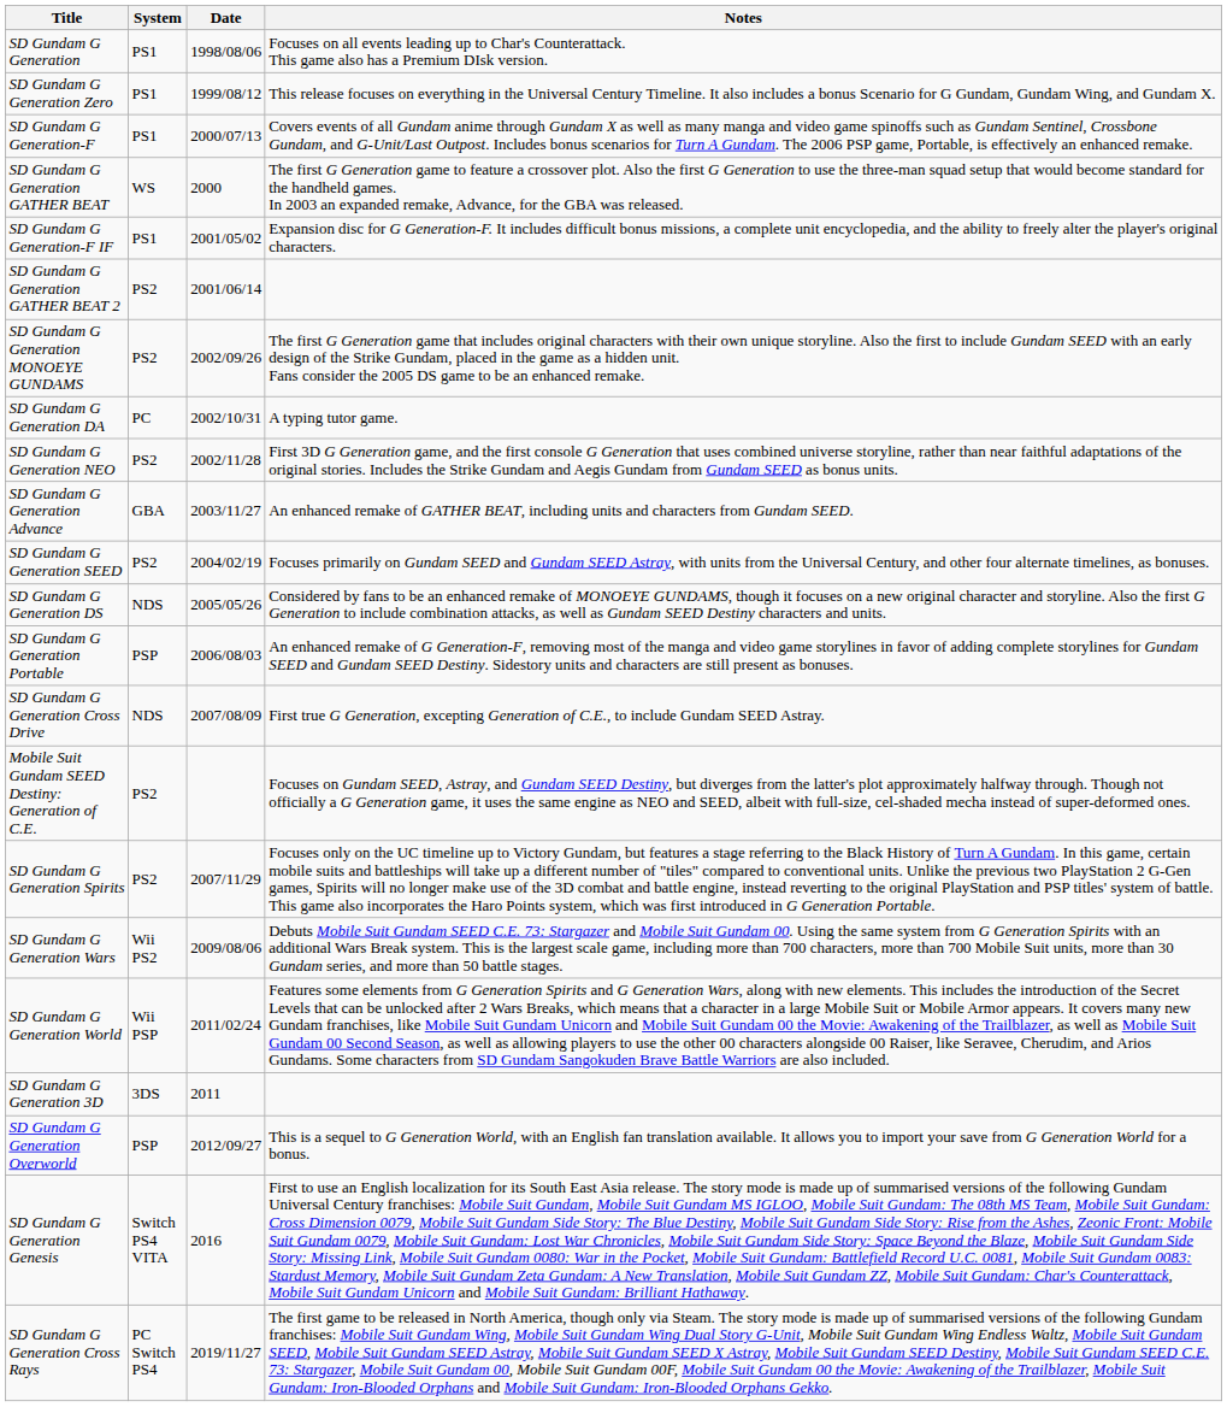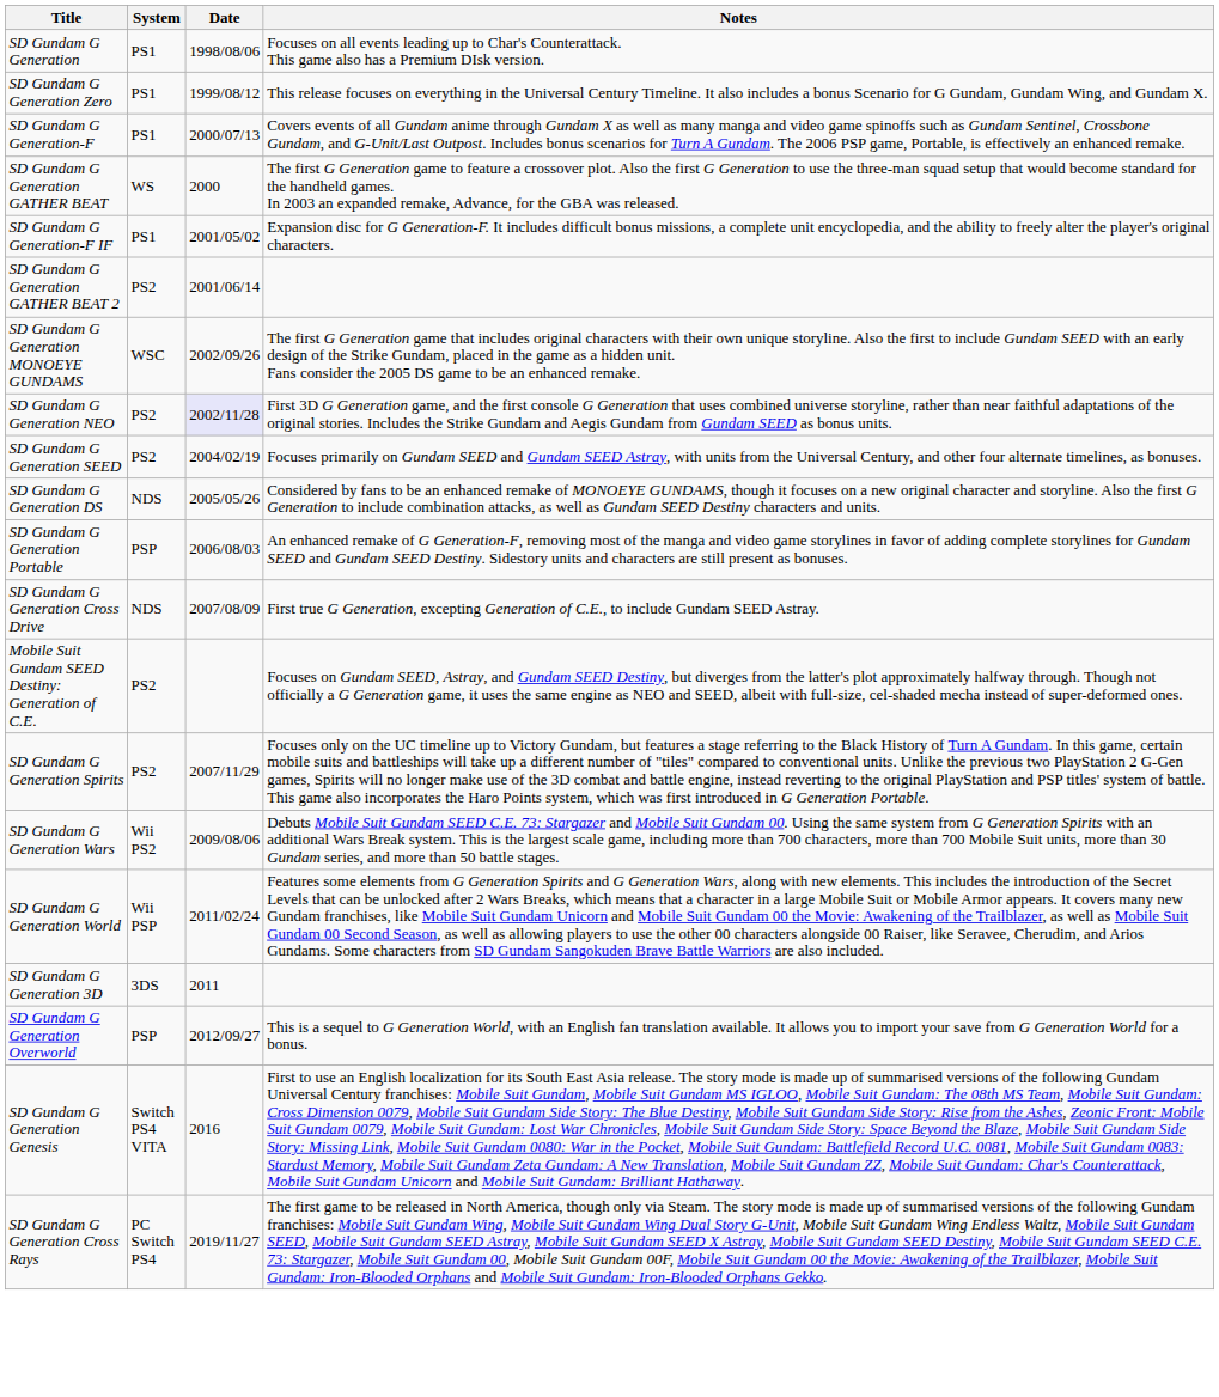 <table class="wikitable">
 <tr>
 <th>Title</th>
 <th>System</th>
 <th>Date</th>
 <th>Notes</th>
 </tr>
 <tr>
 <td><em>SD Gundam G Generation</em></td>
 <td>PS1</td>
 <td>1998/08/06</td>
 <td>Focuses on all events leading up to Char's Counterattack.<br>This game also has a Premium DIsk version.</td>
 </tr>
 <tr>
 <td><em>SD Gundam G Generation Zero</em></td>
 <td>PS1</td>
 <td>1999/08/12</td>
 <td>This release focuses on everything in the Universal Century Timeline.  It also includes a bonus Scenario for G Gundam, Gundam Wing, and Gundam X.</td>
 </tr>
 <tr>
 <td><em>SD Gundam G Generation-F</em></td>
 <td>PS1</td>
 <td>2000/07/13</td>
 <td>Covers events of all <em>Gundam</em> anime through <em>Gundam X</em> as well as many manga and video game spinoffs such as <em>Gundam Sentinel</em>, <em>Crossbone Gundam</em>, and <em>G-Unit/Last Outpost</em>. Includes bonus scenarios for <em><a href='#'>Turn A Gundam</a></em>.  The 2006 PSP game, Portable, is effectively an enhanced remake.</td>
 </tr>
 <tr>
 <td><em>SD Gundam G Generation GATHER BEAT</em></td>
 <td>WS</td>
 <td>2000</td>
 <td>The first <em>G Generation</em> game to feature a crossover plot. Also the first <em>G Generation</em> to use the three-man squad setup that would become standard for the handheld games.<br>In 2003 an expanded remake, Advance, for the GBA was released.</td>
 </tr>
 <tr>
 <td><em>SD Gundam G Generation-F IF</em></td>
 <td>PS1</td>
 <td>2001/05/02</td>
 <td>Expansion disc for <em>G Generation-F.</em>  It includes difficult bonus missions, a complete unit encyclopedia, and the ability to freely alter the player's original characters.</td>
 </tr>
 <tr>
 <td><em>SD Gundam G Generation GATHER BEAT 2</em></td>
 <td>PS2</td>
 <td>2001/06/14</td>
 <td></td>
 </tr>
 <tr>
 <td><em>SD Gundam G Generation MONOEYE GUNDAMS</em></td>
-<td>PS2</td>
+<td>WSC</td>
 <td>2002/09/26</td>
 <td>The first <em>G Generation</em> game that includes original characters with their own unique storyline. Also the first to include <em>Gundam SEED</em> with an early  design of the Strike Gundam, placed in the game as a hidden unit.<br>Fans consider the 2005 DS game to be an enhanced remake.</td>
 </tr>
 <tr>
-<td><em>SD Gundam G Generation DA</em></td>
-<td>PC</td>
-<td>2002/10/31</td>
-<td>A typing tutor game.</td>
-</tr>
-<tr>
 <td><em>SD Gundam G Generation NEO</em></td>
 <td>PS2</td>
-<td>2002/11/28</td>
+<td style="background: lavender;">2002/11/28</td>
 <td>First 3D <em>G Generation</em> game, and the first console <em>G Generation</em> that uses combined universe storyline, rather than near faithful adaptations of the original stories. Includes the Strike Gundam and Aegis Gundam from <em><a href='#'>Gundam SEED</a></em> as bonus units.</td>
-</tr>
-<tr>
-<td><em>SD Gundam G Generation Advance</em></td>
-<td>GBA</td>
-<td>2003/11/27</td>
-<td>An enhanced remake of <em>GATHER BEAT</em>, including units and characters from <em>Gundam SEED</em>.</td>
 </tr>
 <tr>
 <td><em>SD Gundam G Generation SEED</em></td>
 <td>PS2</td>
 <td>2004/02/19</td>
 <td>Focuses primarily on <em>Gundam SEED</em> and <em><a href='#'>Gundam SEED Astray</a></em>, with units from the Universal Century, and other four alternate timelines, as bonuses.</td>
 </tr>
 <tr>
 <td><em>SD Gundam G Generation DS</em></td>
 <td>NDS</td>
 <td>2005/05/26</td>
 <td>Considered by fans to be an enhanced remake of <em>MONOEYE GUNDAMS</em>, though it focuses on a new original character and storyline. Also the first <em>G Generation</em> to include combination attacks, as well as <em>Gundam SEED Destiny</em> characters and units.</td>
 </tr>
 <tr>
 <td><em>SD Gundam G Generation Portable</em></td>
 <td>PSP</td>
 <td>2006/08/03</td>
 <td>An enhanced remake of <em>G Generation-F</em>, removing most of the manga and video game storylines in favor of adding complete storylines for <em>Gundam SEED</em> and <em>Gundam SEED Destiny</em>. Sidestory units and characters are still present as bonuses.</td>
 </tr>
 <tr>
 <td><em>SD Gundam G Generation Cross Drive</em></td>
 <td>NDS</td>
 <td>2007/08/09</td>
 <td>First true <em>G Generation</em>, excepting <em>Generation of C.E.</em>, to include Gundam SEED Astray.</td>
 </tr>
 <tr>
 <td><em>Mobile Suit Gundam SEED Destiny: Generation of C.E</em>.</td>
 <td>PS2</td>
 <td></td>
 <td>Focuses on <em>Gundam SEED</em>, <em>Astray</em>, and <em><a href='#'>Gundam SEED Destiny</a></em>, but diverges from the latter's plot approximately halfway through. Though not officially a <em>G Generation</em> game, it uses the same engine as NEO and SEED, albeit with full-size, cel-shaded mecha instead of super-deformed ones.</td>
 </tr>
 <tr>
 <td><em>SD Gundam G Generation Spirits</em></td>
 <td>PS2</td>
 <td>2007/11/29</td>
 <td>Focuses only on the UC timeline up to Victory Gundam, but features a stage referring to the Black History of <a href='#'>Turn A Gundam</a>. In this game, certain mobile suits and battleships will take up a different number of "tiles" compared to conventional units. Unlike the previous two PlayStation 2 G-Gen games, Spirits will no longer make use of the 3D combat and battle engine, instead reverting to the original PlayStation and PSP titles' system of battle. This game also incorporates the Haro Points system, which was first introduced in <em>G Generation Portable</em>.</td>
 </tr>
 <tr>
 <td><em>SD Gundam G Generation Wars</em></td>
 <td>Wii<br>PS2</td>
 <td>2009/08/06</td>
 <td>Debuts <em><a href='#'>Mobile Suit Gundam SEED C.E. 73: Stargazer</a></em> and <em><a href='#'>Mobile Suit Gundam 00</a></em>. Using the same system from <em>G Generation Spirits</em> with an additional Wars Break system. This is the largest scale game, including more than 700 characters, more than 700 Mobile Suit units, more than 30 <em>Gundam</em> series, and more than 50 battle stages.</td>
 </tr>
 <tr>
 <td><em>SD Gundam G Generation World</em></td>
 <td>Wii<br>PSP</td>
 <td>2011/02/24</td>
 <td>Features some elements from <em>G Generation Spirits</em> and <em>G Generation Wars</em>, along with new elements. This includes the introduction of the Secret Levels that can be unlocked after 2 Wars Breaks, which means that a character in a large Mobile Suit or Mobile Armor appears. It covers many new Gundam franchises, like <a href='#'>Mobile Suit Gundam Unicorn</a> and <a href='#'>Mobile Suit Gundam 00 the Movie: Awakening of the Trailblazer</a>, as well as <a href='#'>Mobile Suit Gundam 00 Second Season</a>, as well as allowing players to use the other 00 characters alongside 00 Raiser, like Seravee, Cherudim, and Arios Gundams. Some characters from <a href='#'>SD Gundam Sangokuden Brave Battle Warriors</a> are also included.</td>
 </tr>
 <tr>
 <td><em>SD Gundam G Generation 3D</em></td>
 <td>3DS</td>
 <td>2011</td>
 <td></td>
 </tr>
 <tr>
 <td><em><a href='#'>SD Gundam G Generation Overworld</a></em></td>
 <td>PSP</td>
 <td>2012/09/27</td>
 <td>This is a sequel to <em>G Generation World</em>, with an English fan translation available.  It allows you to import your save from <em>G Generation World</em> for a bonus.</td>
 </tr>
 <tr>
 <td><em>SD Gundam G Generation Genesis</em></td>
 <td>Switch<br>PS4 VITA</td>
 <td>2016</td>
 <td>First to use an English localization for its South East Asia release. The story mode is made up of summarised versions of the following Gundam Universal Century franchises: <em><a href='#'>Mobile Suit Gundam</a>, <a href='#'>Mobile Suit Gundam MS IGLOO</a>, <a href='#'>Mobile Suit Gundam: The 08th MS Team</a>, <a href='#'>Mobile Suit Gundam: Cross Dimension 0079</a>, <a href='#'>Mobile Suit Gundam Side Story: The Blue Destiny</a>, <a href='#'>Mobile Suit Gundam Side Story: Rise from the Ashes</a>, <a href='#'>Zeonic Front: Mobile Suit Gundam 0079</a>, <a href='#'>Mobile Suit Gundam: Lost War Chronicles</a>, <a href='#'>Mobile Suit Gundam Side Story: Space Beyond the Blaze</a>, <a href='#'>Mobile Suit Gundam Side Story: Missing Link</a>, <a href='#'>Mobile Suit Gundam 0080: War in the Pocket</a>, <a href='#'>Mobile Suit Gundam: Battlefield Record U.C. 0081</a>, <a href='#'>Mobile Suit Gundam 0083: Stardust Memory</a>, <a href='#'>Mobile Suit Gundam Zeta Gundam: A New Translation</a>, <a href='#'>Mobile Suit Gundam ZZ</a>, <a href='#'>Mobile Suit Gundam: Char's Counterattack</a>, <a href='#'>Mobile Suit Gundam Unicorn</a></em> and <em><a href='#'>Mobile Suit Gundam: Brilliant Hathaway</a></em>.</td>
 </tr>
 <tr>
 <td><em>SD Gundam G Generation Cross Rays</em></td>
 <td>PC<br>Switch PS4</td>
 <td>2019/11/27</td>
 <td>The first game to be released in North America, though only via Steam.  The story mode is made up of summarised versions of the following Gundam franchises: <em><a href='#'>Mobile Suit Gundam Wing</a>, <a href='#'>Mobile Suit Gundam Wing Dual Story G-Unit</a>, Mobile Suit Gundam Wing Endless Waltz, <a href='#'>Mobile Suit Gundam SEED</a>, <a href='#'>Mobile Suit Gundam SEED Astray</a>, <a href='#'>Mobile Suit Gundam SEED X Astray</a>, <a href='#'>Mobile Suit Gundam SEED Destiny</a>, <a href='#'>Mobile Suit Gundam SEED C.E. 73: Stargazer</a>, <a href='#'>Mobile Suit Gundam 00</a>, Mobile Suit Gundam 00F, <a href='#'>Mobile Suit Gundam 00 the Movie: Awakening of the Trailblazer</a>, <a href='#'>Mobile Suit Gundam: Iron-Blooded Orphans</a></em> and <em><a href='#'>Mobile Suit Gundam: Iron-Blooded Orphans Gekko</a>.</em></td>
 </tr>
 </table>
